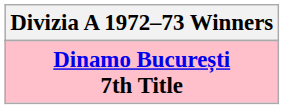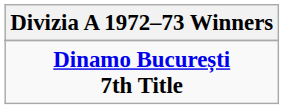 <table class="wikitable" style="text-align: center; margin: 0 auto;">
 <tr>
 <th>Divizia A 1972–73 Winners</th>
 </tr>
 <tr>
 </tr>
 <tr>
-<td style="background: pink;"><strong><a href='#'>Dinamo București</a></strong><br><strong>7th Title</strong></td>
+<td><strong><a href='#'>Dinamo București</a></strong><br><strong>7th Title</strong></td>
 </tr>
 </table>
